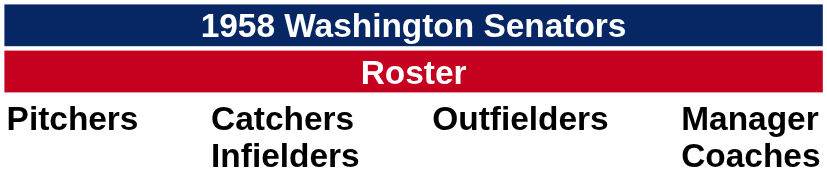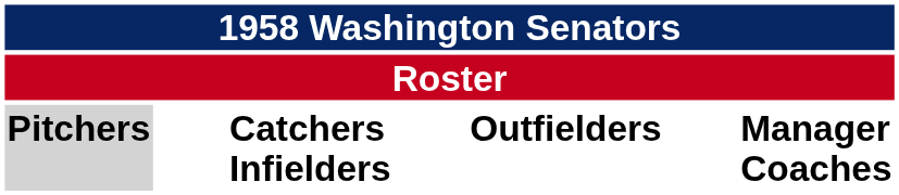 <table class="toccolours" style="font-size: 95%;">
 <tr>
 <th colspan="10" style="background-color: #072764; color: white; text-align: center;">1958 Washington Senators</th>
 </tr>
 <tr>
 <td colspan="10" style="background-color: #c6011f; color: white; text-align: center;"><strong>Roster</strong></td>
 </tr>
 <tr>
-<td valign="top"><strong>Pitchers</strong><br>                </td>
+<td valign="top" style="background: lightgrey;"><strong>Pitchers</strong><br>                </td>
 <td width="25px"></td>
 <td valign="top"><strong>Catchers</strong><br>    <strong>Infielders</strong>           </td>
 <td width="25px"></td>
 <td valign="top"><strong>Outfielders</strong><br>      </td>
 <td width="25px"></td>
 <td valign="top"><strong>Manager</strong><br> <strong>Coaches</strong>   </td>
 </tr>
 <tr>
 </tr>
 </table>
